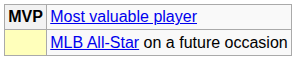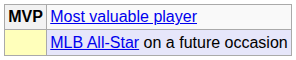 <table class="wikitable sortable plainrowheaders">
 <tr>
 <th scope="row"><strong>MVP</strong></th>
 <td><a href='#'>Most valuable player</a></td>
 </tr>
 <tr>
 <th scope="row" style="text-align:center; background:#ffb;"></th>
-<td><a href='#'>MLB All-Star</a> on a future occasion</td>
+<td style="background: lavender;"><a href='#'>MLB All-Star</a> on a future occasion</td>
 </tr>
 </table>
